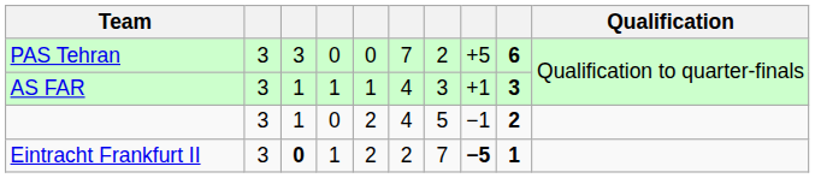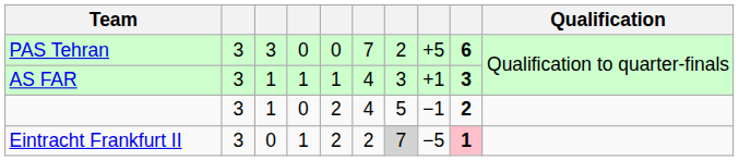 <table class="wikitable" style="text-align:center;">
 <tr>
 <th width=175>Team</th>
 <th width=20></th>
 <th width=20></th>
 <th width=20></th>
 <th width=20></th>
 <th width=20></th>
 <th width=20></th>
 <th width=20></th>
 <th width=20></th>
 <th>Qualification</th>
 </tr>
 <tr bgcolor="#ccffcc">
 <td align="left"> <a href='#'>PAS Tehran</a></td>
 <td>3</td>
 <td>3</td>
 <td>0</td>
 <td>0</td>
 <td>7</td>
 <td>2</td>
 <td>+5</td>
 <td><strong>6</strong></td>
 <td rowspan="2">Qualification to quarter-finals</td>
 </tr>
 <tr bgcolor="#ccffcc">
 <td align="left"> <a href='#'>AS FAR</a></td>
 <td>3</td>
 <td>1</td>
 <td>1</td>
 <td>1</td>
 <td>4</td>
 <td>3</td>
 <td>+1</td>
 <td><strong>3</strong></td>
 </tr>
 <tr>
 <td align="left"></td>
 <td>3</td>
 <td>1</td>
 <td>0</td>
 <td>2</td>
 <td>4</td>
 <td>5</td>
 <td>−1</td>
 <td><strong>2</strong></td>
 <td></td>
 </tr>
 <tr>
 <td align="left"> <a href='#'>Eintracht Frankfurt II</a></td>
 <td>3</td>
-<td><strong>0</strong></td>
+<td>0</td>
 <td>1</td>
 <td>2</td>
 <td>2</td>
-<td>7</td>
-<td><strong>−5</strong></td>
-<td><strong>1</strong></td>
+<td style="background: lightgrey;">7</td>
+<td>−5</td>
+<td style="background: pink;"><strong>1</strong></td>
 <td></td>
 </tr>
 </table>
